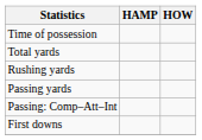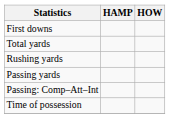 <table class="wikitable" style="float: left;">
 <tr>
 <th>Statistics</th>
 <th>HAMP</th>
 <th>HOW</th>
 </tr>
 <tr>
-<td>Time of possession</td>
+<td>First downs</td>
 <td></td>
 <td></td>
 </tr>
 <tr>
 <td>Total yards</td>
 <td></td>
 <td></td>
 </tr>
 <tr>
 <td>Rushing yards</td>
 <td></td>
 <td></td>
 </tr>
 <tr>
 <td>Passing yards</td>
 <td></td>
 <td></td>
 </tr>
 <tr>
 <td>Passing: Comp–Att–Int</td>
 <td></td>
 <td></td>
 </tr>
 <tr>
-<td>First downs</td>
+<td>Time of possession</td>
 <td></td>
 <td></td>
 </tr>
 <tr>
 </tr>
 </table>
